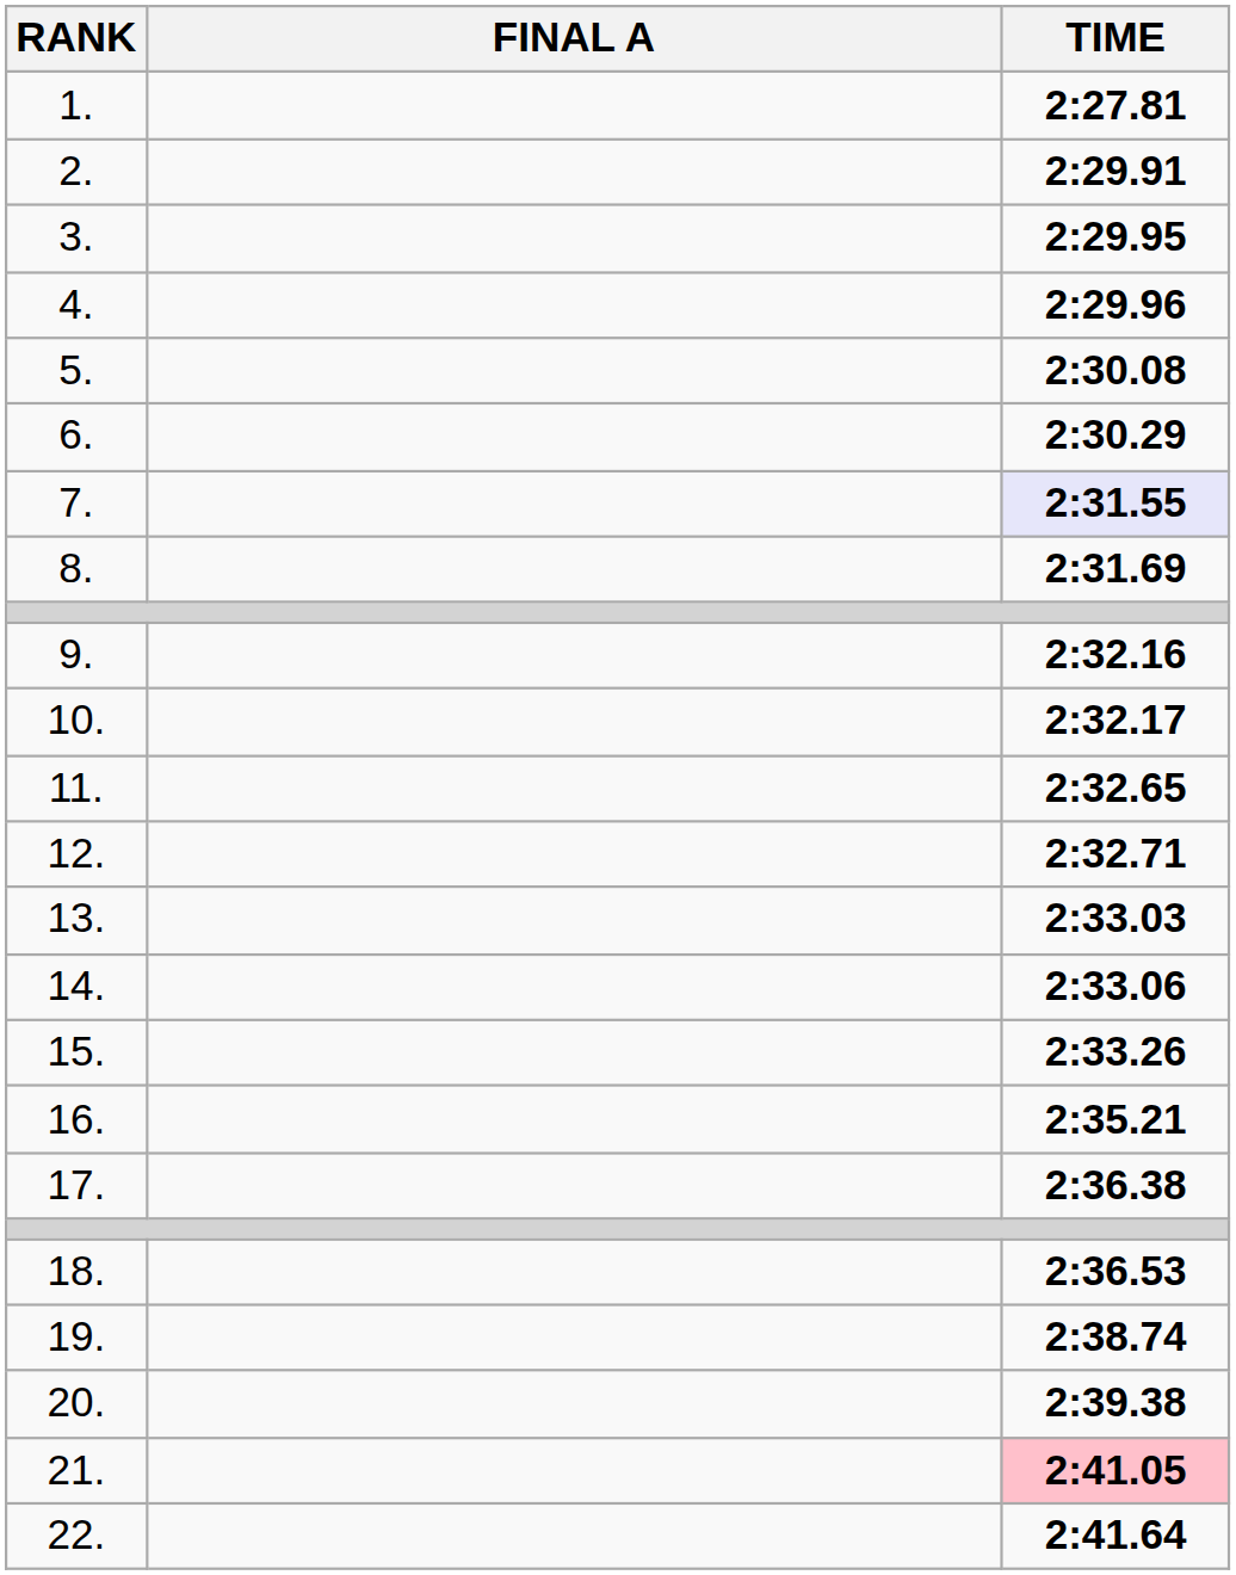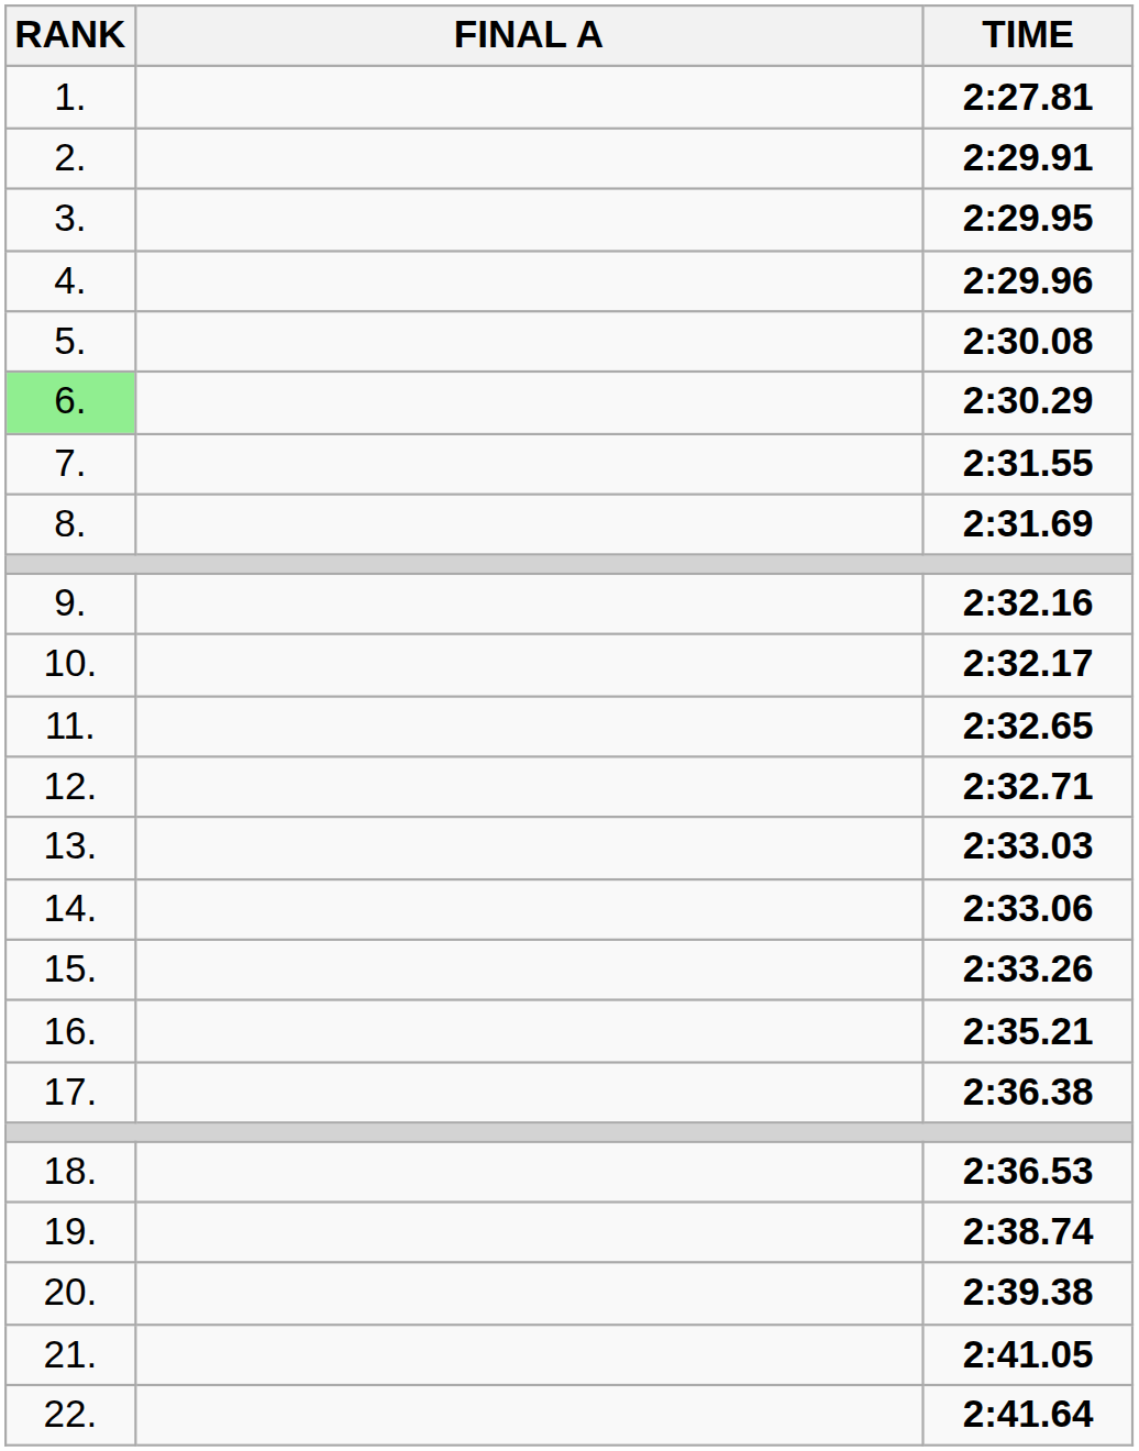 <table class="wikitable">
 <tr>
 <th>RANK</th>
 <th style="width: 20em">FINAL A</th>
 <th style="width: 5em">TIME</th>
 </tr>
 <tr>
 <td align="center">1.</td>
 <td></td>
 <td align="center"><strong>2:27.81</strong></td>
 </tr>
 <tr>
 <td align="center">2.</td>
 <td></td>
 <td align="center"><strong>2:29.91</strong></td>
 </tr>
 <tr>
 <td align="center">3.</td>
 <td></td>
 <td align="center"><strong>2:29.95</strong></td>
 </tr>
 <tr>
 <td align="center">4.</td>
 <td></td>
 <td align="center"><strong>2:29.96</strong></td>
 </tr>
 <tr>
 <td align="center">5.</td>
 <td></td>
 <td align="center"><strong>2:30.08</strong></td>
 </tr>
 <tr>
-<td align="center">6.</td>
+<td align="center" style="background: lightgreen;">6.</td>
 <td></td>
 <td align="center"><strong>2:30.29</strong></td>
 </tr>
 <tr>
 <td align="center">7.</td>
 <td></td>
-<td align="center" style="background: lavender;"><strong>2:31.55</strong></td>
+<td align="center"><strong>2:31.55</strong></td>
 </tr>
 <tr>
 <td align="center">8.</td>
 <td></td>
 <td align="center"><strong>2:31.69</strong></td>
 </tr>
 <tr>
 <td colspan=3 bgcolor=lightgray></td>
 </tr>
 <tr>
 <td align="center">9.</td>
 <td></td>
 <td align="center"><strong>2:32.16</strong></td>
 </tr>
 <tr>
 <td align="center">10.</td>
 <td></td>
 <td align="center"><strong>2:32.17</strong></td>
 </tr>
 <tr>
 <td align="center">11.</td>
 <td> </td>
 <td align="center"><strong>2:32.65</strong></td>
 </tr>
 <tr>
 <td align="center">12.</td>
 <td></td>
 <td align="center"><strong>2:32.71</strong></td>
 </tr>
 <tr>
 <td align="center">13.</td>
 <td></td>
 <td align="center"><strong>2:33.03</strong></td>
 </tr>
 <tr>
 <td align="center">14.</td>
 <td></td>
 <td align="center"><strong>2:33.06</strong></td>
 </tr>
 <tr>
 <td align="center">15.</td>
 <td></td>
 <td align="center"><strong>2:33.26</strong></td>
 </tr>
 <tr>
 <td align="center">16.</td>
 <td></td>
 <td align="center"><strong>2:35.21</strong></td>
 </tr>
 <tr>
 <td align="center">17.</td>
 <td></td>
 <td align="center"><strong>2:36.38</strong></td>
 </tr>
 <tr>
 <td colspan=3 bgcolor=lightgray></td>
 </tr>
 <tr>
 <td align="center">18.</td>
 <td></td>
 <td align="center"><strong>2:36.53</strong></td>
 </tr>
 <tr>
 <td align="center">19.</td>
 <td></td>
 <td align="center"><strong>2:38.74</strong></td>
 </tr>
 <tr>
 <td align="center">20.</td>
 <td></td>
 <td align="center"><strong>2:39.38</strong></td>
 </tr>
 <tr>
 <td align="center">21.</td>
 <td></td>
-<td align="center" style="background: pink;"><strong>2:41.05</strong></td>
+<td align="center"><strong>2:41.05</strong></td>
 </tr>
 <tr>
 <td align="center">22.</td>
 <td></td>
 <td align="center"><strong>2:41.64</strong></td>
 </tr>
 </table>
